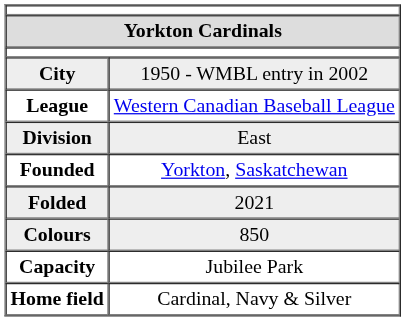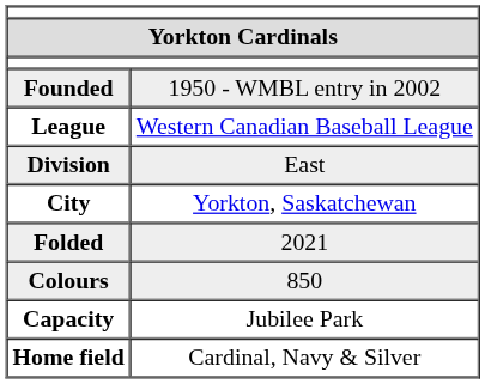 <table border=1 align=right cellpadding=3 cellspacing=0 width=320 style = "margin-left: 0.5em">
 <tr align="center">
 <td colspan=2></td>
 </tr>
 <tr align="center" bgcolor="#dddddd">
 <td colspan=2><strong>Yorkton Cardinals</strong></td>
 </tr>
 <tr align="center">
 <td colspan=2></td>
 </tr>
 <tr align="center" bgcolor="#eeeeee">
-<td><strong>City</strong></td>
+<td><strong>Founded</strong></td>
 <td>1950 - WMBL entry in 2002</td>
 </tr>
 <tr align="center">
 <td><strong>League</strong></td>
 <td><a href='#'>Western Canadian Baseball League</a></td>
 </tr>
 <tr align="center"  bgcolor="#eeeeee">
 <td><strong>Division</strong></td>
 <td>East</td>
 </tr>
 <tr align="center">
-<td><strong>Founded</strong></td>
+<td><strong>City</strong></td>
 <td><a href='#'>Yorkton</a>, <a href='#'>Saskatchewan</a></td>
 </tr>
 <tr align="center" bgcolor="#eeeeee">
 <td><strong>Folded</strong></td>
 <td>2021</td>
 </tr>
 <tr align="center" bgcolor="#eeeeee">
 <td><strong>Colours</strong></td>
 <td>850</td>
 </tr>
 <tr align="center">
 <td><strong>Capacity</strong></td>
 <td>Jubilee Park</td>
 </tr>
 <tr align="center">
 <td><strong>Home field</strong></td>
 <td>Cardinal, Navy & Silver</td>
 </tr>
 </table>
